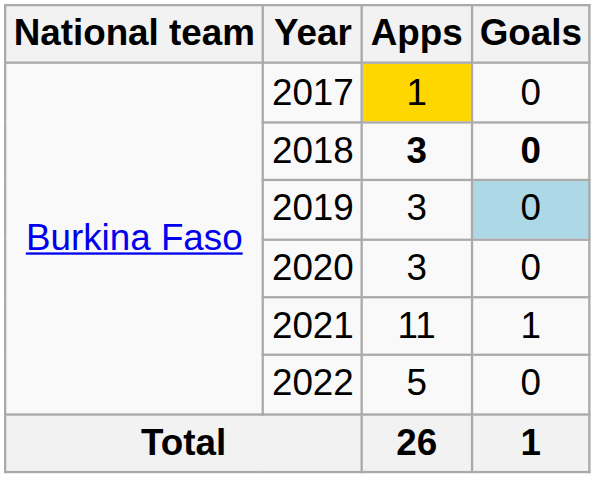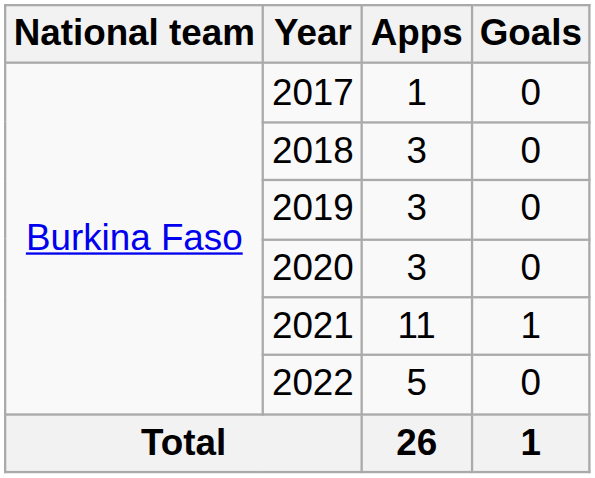 <table class="wikitable" style="text-align:center">
 <tr>
 <th>National team</th>
 <th>Year</th>
 <th>Apps</th>
 <th>Goals</th>
 </tr>
 <tr>
 <td rowspan="6"><a href='#'>Burkina Faso</a></td>
 <td>2017</td>
-<td style="background: gold;">1</td>
+<td>1</td>
 <td>0</td>
 </tr>
 <tr>
 <td>2018</td>
-<td><strong>3</strong></td>
-<td><strong>0</strong></td>
+<td>3</td>
+<td>0</td>
 </tr>
 <tr>
 <td>2019</td>
 <td>3</td>
-<td style="background: lightblue;">0</td>
+<td>0</td>
 </tr>
 <tr>
 <td>2020</td>
 <td>3</td>
 <td>0</td>
 </tr>
 <tr>
 <td>2021</td>
 <td>11</td>
 <td>1</td>
 </tr>
 <tr>
 <td>2022</td>
 <td>5</td>
 <td>0</td>
 </tr>
 <tr>
 <th colspan="2">Total</th>
 <th>26</th>
 <th>1</th>
 </tr>
 </table>
